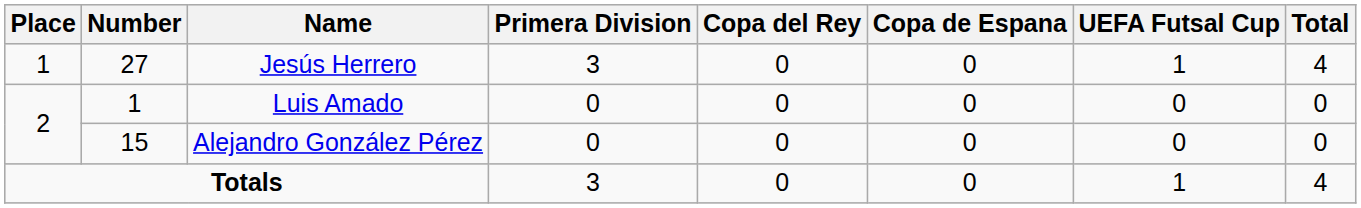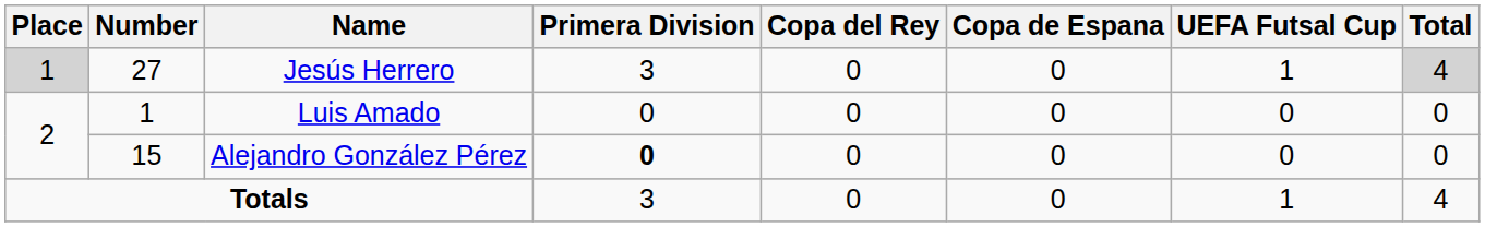 <table class="wikitable" style="text-align:center">
 <tr>
 <th width=0%>Place</th>
 <th width=0%>Number</th>
 <th width=0%>Name</th>
 <th width=0%>Primera Division</th>
 <th width=0%>Copa del Rey</th>
 <th width=0%>Copa de Espana</th>
 <th width=0%>UEFA Futsal Cup</th>
 <th width=0%>Total</th>
 </tr>
 <tr>
-<td align="middle">1</td>
+<td align="middle" style="background: lightgrey;">1</td>
 <td align="middle">27</td>
 <td align="middle"> <a href='#'>Jesús Herrero</a></td>
 <td>3</td>
 <td>0</td>
 <td>0</td>
 <td>1</td>
-<td>4</td>
+<td style="background: lightgrey;">4</td>
 </tr>
 <tr>
 <td rowspan=2>2</td>
 <td align="middle">1</td>
 <td align="middle"> <a href='#'>Luis Amado</a></td>
 <td>0</td>
 <td>0</td>
 <td>0</td>
 <td>0</td>
 <td>0</td>
 </tr>
 <tr>
 <td align="middle">15</td>
 <td align="middle"> <a href='#'>Alejandro González Pérez</a></td>
-<td>0</td>
+<td><strong>0</strong></td>
 <td>0</td>
 <td>0</td>
 <td>0</td>
 <td>0</td>
 </tr>
 <tr>
 <td colspan=3><strong>Totals</strong></td>
 <td>3</td>
 <td>0</td>
 <td>0</td>
 <td>1</td>
 <td>4</td>
 </tr>
 </table>
